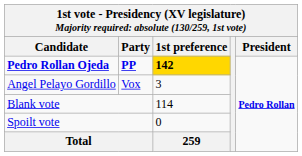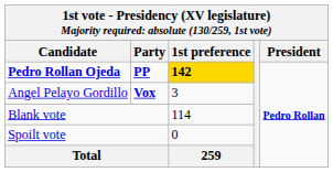 <table class="wikitable">
 <tr>
 <th colspan="5">1st vote - Presidency (XV legislature)<br><em><small>Majority required: absolute (130/259, 1st vote)</small></em></th>
 </tr>
 <tr>
 <th>Candidate</th>
 <th>Party</th>
 <th>1st preference</th>
 <th rowspan="12"></th>
 <th>President</th>
 </tr>
 <tr>
 <td><strong><a href='#'>Pedro Rollan Ojeda</a></strong></td>
 <td><a href='#'><strong>PP</strong></a></td>
 <td style="background: gold;"><strong>142</strong></td>
 <td rowspan="11"><small><strong><a href='#'>Pedro Rollan</a></strong></small></td>
 </tr>
 <tr>
 <td><a href='#'>Angel Pelayo Gordillo</a></td>
-<td><a href='#'>Vox</a></td>
+<td><strong><a href='#'>Vox</a></strong></td>
 <td>3</td>
 </tr>
 <tr>
 <td colspan="2"><a href='#'>Blank vote</a></td>
 <td>114</td>
 </tr>
 <tr>
 <td colspan="2"><a href='#'>Spoilt vote</a></td>
 <td>0</td>
 </tr>
 <tr>
 <th colspan="2">Total</th>
 <th>259</th>
 </tr>
 </table>
